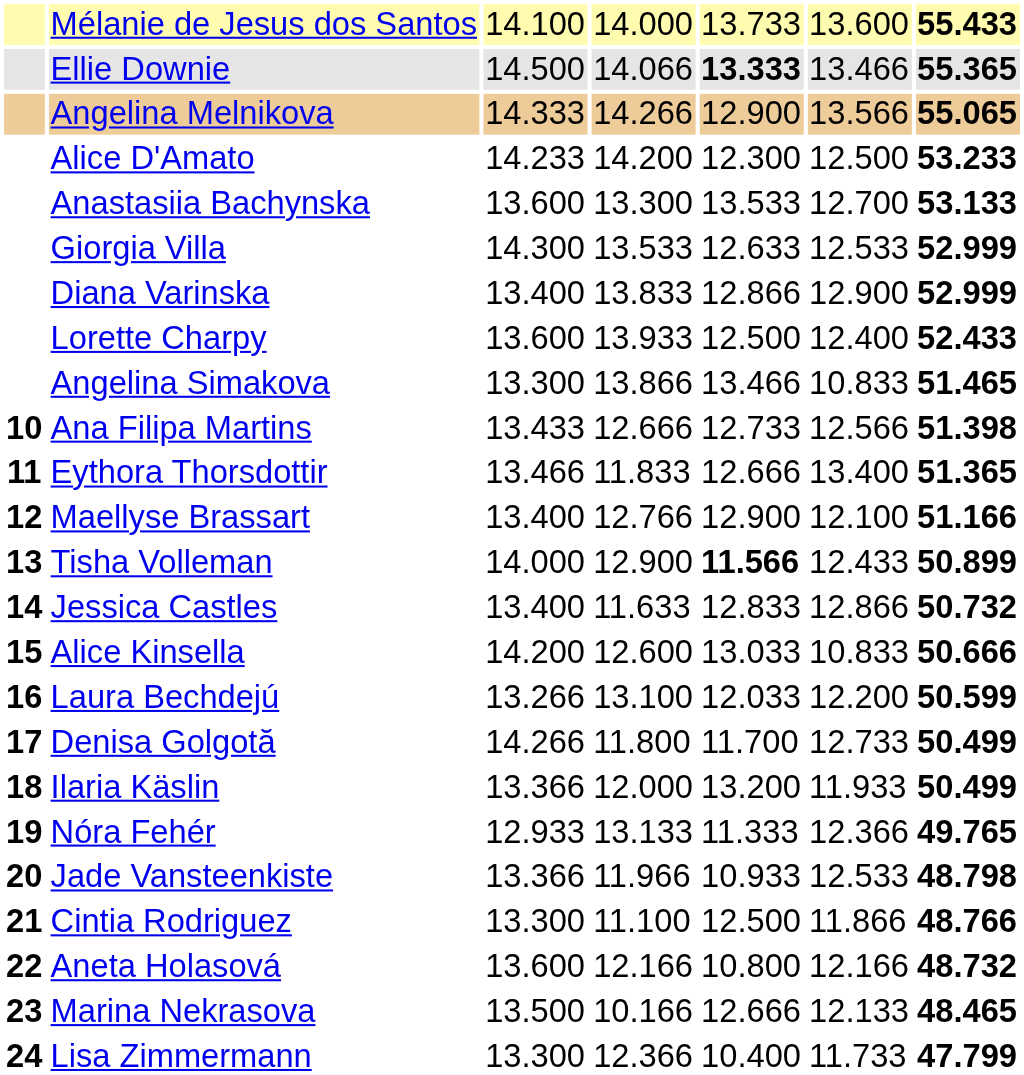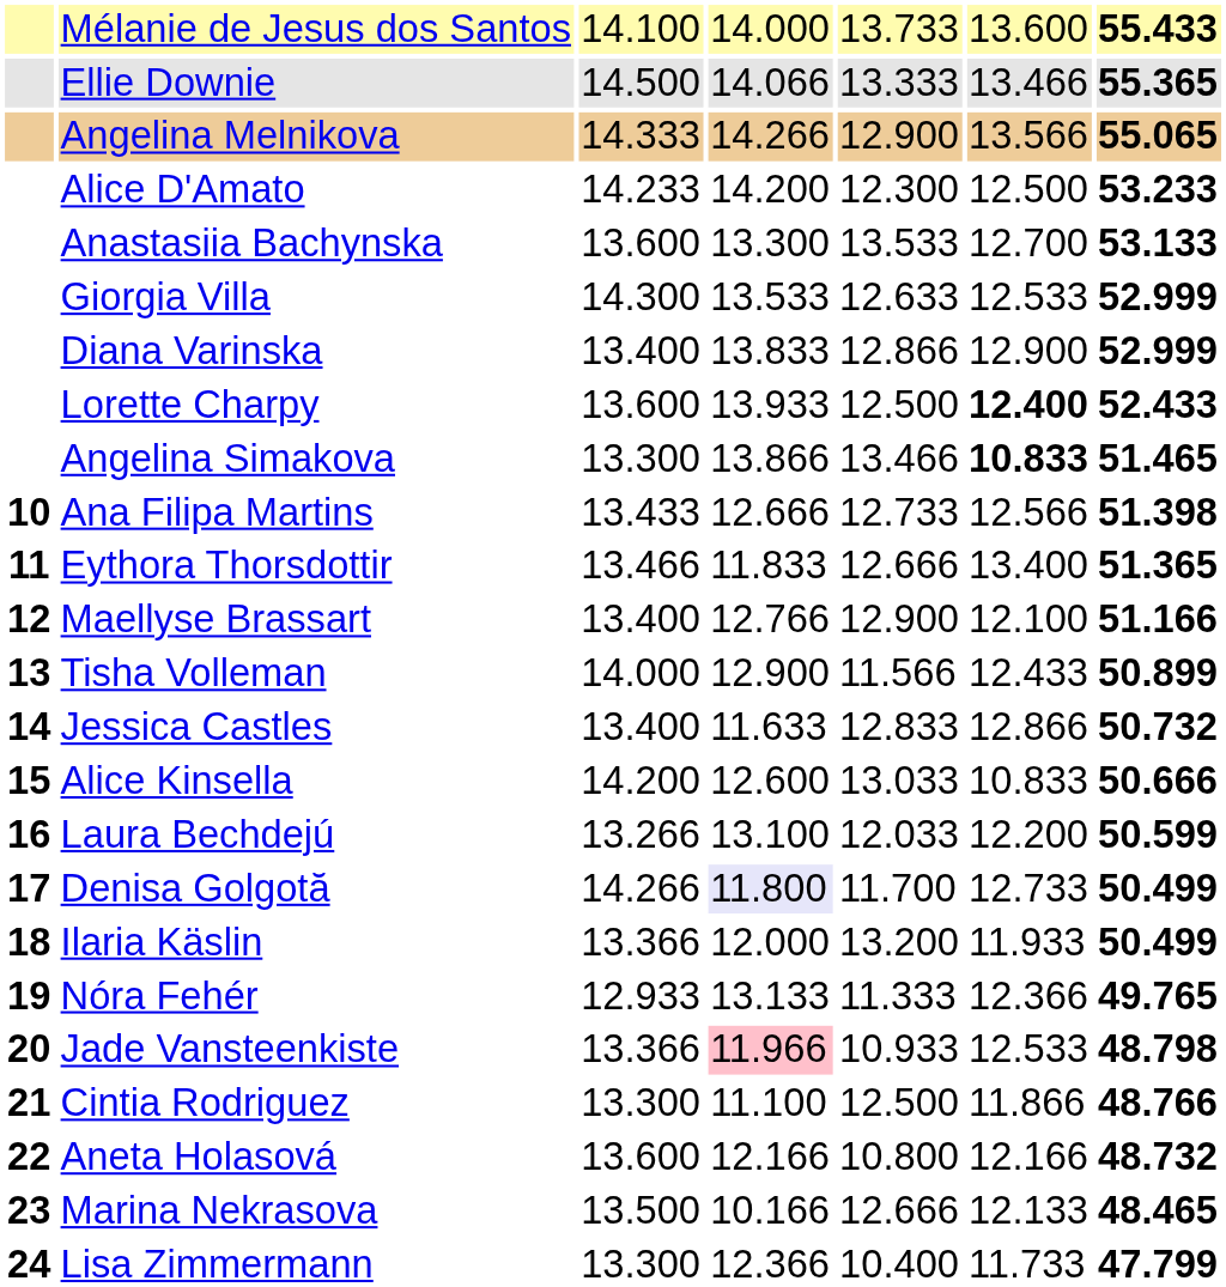 <table>
 <tr style="background:#fffcaf;">
 <th scope=row style="text-align:center"></th>
 <td style="text-align:left;"> <a href='#'>Mélanie de Jesus dos Santos</a></td>
 <td>14.100</td>
 <td>14.000</td>
 <td>13.733</td>
 <td>13.600</td>
 <td><strong>55.433</strong></td>
 </tr>
 <tr style="background:#e5e5e5;">
 <th scope=row style="text-align:center"></th>
 <td style="text-align:left;"> <a href='#'>Ellie Downie</a></td>
 <td>14.500</td>
 <td>14.066</td>
-<td><strong>13.333</strong></td>
+<td>13.333</td>
 <td>13.466</td>
 <td><strong>55.365</strong></td>
 </tr>
 <tr style="background:#ec9;">
 <th scope=row style="text-align:center"></th>
 <td style="text-align:left;"> <a href='#'>Angelina Melnikova</a></td>
 <td>14.333</td>
 <td>14.266</td>
 <td>12.900</td>
 <td>13.566</td>
 <td><strong>55.065</strong></td>
 </tr>
 <tr>
 <th scope=row style="text-align:center"></th>
 <td style="text-align:left;"> <a href='#'>Alice D'Amato</a></td>
 <td>14.233</td>
 <td>14.200</td>
 <td>12.300</td>
 <td>12.500</td>
 <td><strong>53.233</strong></td>
 </tr>
 <tr>
 <th scope=row style="text-align:center"></th>
 <td style="text-align:left;"> <a href='#'>Anastasiia Bachynska</a></td>
 <td>13.600</td>
 <td>13.300</td>
 <td>13.533</td>
 <td>12.700</td>
 <td><strong>53.133</strong></td>
 </tr>
 <tr>
 <th scope=row style="text-align:center"></th>
 <td style="text-align:left;"> <a href='#'>Giorgia Villa</a></td>
 <td>14.300</td>
 <td>13.533</td>
 <td>12.633</td>
 <td>12.533</td>
 <td><strong>52.999</strong></td>
 </tr>
 <tr>
 <th scope=row style="text-align:center"></th>
 <td style="text-align:left;"> <a href='#'>Diana Varinska</a></td>
 <td>13.400</td>
 <td>13.833</td>
 <td>12.866</td>
 <td>12.900</td>
 <td><strong>52.999</strong></td>
 </tr>
 <tr>
 <th scope=row style="text-align:center"></th>
 <td style="text-align:left;"> <a href='#'>Lorette Charpy</a></td>
 <td>13.600</td>
 <td>13.933</td>
 <td>12.500</td>
-<td>12.400</td>
+<td><strong>12.400</strong></td>
 <td><strong>52.433</strong></td>
 </tr>
 <tr>
 <th scope=row style="text-align:center"></th>
 <td style="text-align:left;"> <a href='#'>Angelina Simakova</a></td>
 <td>13.300</td>
 <td>13.866</td>
 <td>13.466</td>
-<td>10.833</td>
+<td><strong>10.833</strong></td>
 <td><strong>51.465</strong></td>
 </tr>
 <tr>
 <th scope=row style="text-align:center">10</th>
 <td style="text-align:left;"> <a href='#'>Ana Filipa Martins</a></td>
 <td>13.433</td>
 <td>12.666</td>
 <td>12.733</td>
 <td>12.566</td>
 <td><strong>51.398</strong></td>
 </tr>
 <tr>
 <th scope=row style="text-align:center">11</th>
 <td style="text-align:left;"> <a href='#'>Eythora Thorsdottir</a></td>
 <td>13.466</td>
 <td>11.833</td>
 <td>12.666</td>
 <td>13.400</td>
 <td><strong>51.365</strong></td>
 </tr>
 <tr>
 <th scope=row style="text-align:center">12</th>
 <td style="text-align:left;"> <a href='#'>Maellyse Brassart</a></td>
 <td>13.400</td>
 <td>12.766</td>
 <td>12.900</td>
 <td>12.100</td>
 <td><strong>51.166</strong></td>
 </tr>
 <tr>
 <th scope=row style="text-align:center">13</th>
 <td style="text-align:left;"> <a href='#'>Tisha Volleman</a></td>
 <td>14.000</td>
 <td>12.900</td>
-<td><strong>11.566</strong></td>
+<td>11.566</td>
 <td>12.433</td>
 <td><strong>50.899</strong></td>
 </tr>
 <tr>
 <th scope=row style="text-align:center">14</th>
 <td style="text-align:left;"> <a href='#'>Jessica Castles</a></td>
 <td>13.400</td>
 <td>11.633</td>
 <td>12.833</td>
 <td>12.866</td>
 <td><strong>50.732</strong></td>
 </tr>
 <tr>
 <th scope=row style="text-align:center">15</th>
 <td style="text-align:left;"> <a href='#'>Alice Kinsella</a></td>
 <td>14.200</td>
 <td>12.600</td>
 <td>13.033</td>
 <td>10.833</td>
 <td><strong>50.666</strong></td>
 </tr>
 <tr>
 <th scope=row style="text-align:center">16</th>
 <td style="text-align:left;"> <a href='#'>Laura Bechdejú</a></td>
 <td>13.266</td>
 <td>13.100</td>
 <td>12.033</td>
 <td>12.200</td>
 <td><strong>50.599</strong></td>
 </tr>
 <tr>
 <th scope=row style="text-align:center">17</th>
 <td style="text-align:left;"> <a href='#'>Denisa Golgotă</a></td>
 <td>14.266</td>
-<td>11.800</td>
+<td style="background: lavender;">11.800</td>
 <td>11.700</td>
 <td>12.733</td>
 <td><strong>50.499</strong></td>
 </tr>
 <tr>
 <th scope=row style="text-align:center">18</th>
 <td style="text-align:left;"> <a href='#'>Ilaria Käslin</a></td>
 <td>13.366</td>
 <td>12.000</td>
 <td>13.200</td>
 <td>11.933</td>
 <td><strong>50.499</strong></td>
 </tr>
 <tr>
 <th scope=row style="text-align:center">19</th>
 <td style="text-align:left;"> <a href='#'>Nóra Fehér</a></td>
 <td>12.933</td>
 <td>13.133</td>
 <td>11.333</td>
 <td>12.366</td>
 <td><strong>49.765</strong></td>
 </tr>
 <tr>
 <th scope=row style="text-align:center">20</th>
 <td style="text-align:left;"> <a href='#'>Jade Vansteenkiste</a></td>
 <td>13.366</td>
-<td>11.966</td>
+<td style="background: pink;">11.966</td>
 <td>10.933</td>
 <td>12.533</td>
 <td><strong>48.798</strong></td>
 </tr>
 <tr>
 <th scope=row style="text-align:center">21</th>
 <td style="text-align:left;"> <a href='#'>Cintia Rodriguez</a></td>
 <td>13.300</td>
 <td>11.100</td>
 <td>12.500</td>
 <td>11.866</td>
 <td><strong>48.766</strong></td>
 </tr>
 <tr>
 <th scope=row style="text-align:center">22</th>
 <td style="text-align:left;"> <a href='#'>Aneta Holasová</a></td>
 <td>13.600</td>
 <td>12.166</td>
 <td>10.800</td>
 <td>12.166</td>
 <td><strong>48.732</strong></td>
 </tr>
 <tr>
 <th scope=row style="text-align:center">23</th>
 <td style="text-align:left;"> <a href='#'>Marina Nekrasova</a></td>
 <td>13.500</td>
 <td>10.166</td>
 <td>12.666</td>
 <td>12.133</td>
 <td><strong>48.465</strong></td>
 </tr>
 <tr>
 <th scope=row style="text-align:center">24</th>
 <td style="text-align:left;"> <a href='#'>Lisa Zimmermann</a></td>
 <td>13.300</td>
 <td>12.366</td>
 <td>10.400</td>
 <td>11.733</td>
 <td><strong>47.799</strong></td>
 </tr>
 </table>
